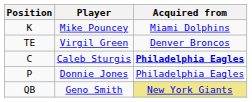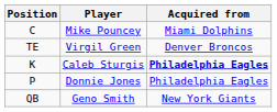 <table class="wikitable" style="text-align:center">
 <tr>
 <th>Position</th>
 <th>Player</th>
 <th>Acquired from</th>
 </tr>
 <tr>
-<td>K</td>
+<td>C</td>
 <td><a href='#'>Mike Pouncey</a></td>
 <td><a href='#'>Miami Dolphins</a></td>
 </tr>
 <tr>
 <td>TE</td>
 <td><a href='#'>Virgil Green</a></td>
 <td><a href='#'>Denver Broncos</a></td>
 </tr>
 <tr>
-<td>C</td>
+<td>K</td>
 <td><a href='#'>Caleb Sturgis</a></td>
 <td><strong><a href='#'>Philadelphia Eagles</a></strong></td>
 </tr>
 <tr>
 <td>P</td>
 <td><a href='#'>Donnie Jones</a></td>
 <td><a href='#'>Philadelphia Eagles</a></td>
 </tr>
 <tr>
 <td>QB</td>
 <td><a href='#'>Geno Smith</a></td>
-<td style="background: khaki;"><a href='#'>New York Giants</a></td>
+<td><a href='#'>New York Giants</a></td>
 </tr>
 </table>
